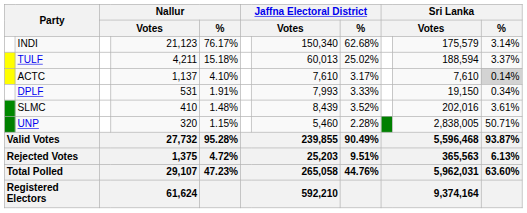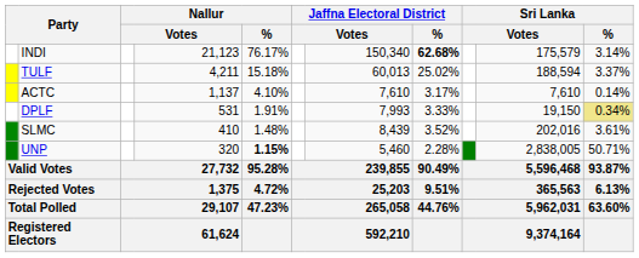 <table class="wikitable">
 <tr>
 <th colspan="2" width="144px"rowspan="2">Party</th>
 <th colspan="3" width="216px">Nallur</th>
 <th colspan="3" width="216px"><a href='#'>Jaffna Electoral District</a></th>
 <th colspan="3" width="216px">Sri Lanka</th>
 </tr>
 <tr>
 <th colspan="2" width="144px">Votes</th>
 <th>%</th>
 <th colspan="2" width="144px">Votes</th>
 <th>%</th>
 <th colspan="2" width="144px">Votes</th>
 <th>%</th>
 </tr>
 <tr>
 <td style="background-color:white;" width="10px"></td>
 <td style="text-align:left;">INDI</td>
 <td style="background-color:white;" width="10px"></td>
 <td style="text-align:right;">21,123</td>
 <td style="text-align:right;">76.17%</td>
 <td style="background-color:white;" width="10px"></td>
 <td style="text-align:right;">150,340</td>
-<td style="text-align:right;">62.68%</td>
+<td style="text-align:right;"><strong>62.68%</strong></td>
 <td style="background-color:white;" width="10px"></td>
 <td style="text-align:right;">175,579</td>
 <td style="text-align:right;">3.14%</td>
 </tr>
 <tr>
 <td style="background-color:yellow;" width="10px"></td>
 <td style="text-align:left;"><a href='#'>TULF</a></td>
 <td style="background-color:white;" width="10px"></td>
 <td style="text-align:right;">4,211</td>
 <td style="text-align:right;">15.18%</td>
 <td style="background-color:white;" width="10px"></td>
 <td style="text-align:right;">60,013</td>
 <td style="text-align:right;">25.02%</td>
 <td style="background-color:white;" width="10px"></td>
 <td style="text-align:right;">188,594</td>
 <td style="text-align:right;">3.37%</td>
 </tr>
 <tr>
 <td style="background-color:yellow;" width="10px"></td>
 <td style="text-align:left;">ACTC</td>
 <td style="background-color:white;" width="10px"></td>
 <td style="text-align:right;">1,137</td>
 <td style="text-align:right;">4.10%</td>
 <td style="background-color:white;" width="10px"></td>
 <td style="text-align:right;">7,610</td>
 <td style="text-align:right;">3.17%</td>
 <td style="background-color:white;" width="10px"></td>
 <td style="text-align:right;">7,610</td>
-<td style="background: lightgrey; text-align:right;">0.14%</td>
+<td style="text-align:right;">0.14%</td>
 </tr>
 <tr>
 <td style="background-color:white;" width="10px"></td>
 <td style="text-align:left;"><a href='#'>DPLF</a></td>
 <td style="background-color:white;" width="10px"></td>
 <td style="text-align:right;">531</td>
 <td style="text-align:right;">1.91%</td>
 <td style="background-color:white;" width="10px"></td>
 <td style="text-align:right;">7,993</td>
 <td style="text-align:right;">3.33%</td>
 <td style="background-color:white;" width="10px"></td>
 <td style="text-align:right;">19,150</td>
-<td style="text-align:right;">0.34%</td>
+<td style="background: khaki; text-align:right;">0.34%</td>
 </tr>
 <tr>
 <td style="background-color:#008800;" width="10px"></td>
 <td style="text-align:left;">SLMC</td>
 <td style="background-color:white;" width="10px"></td>
 <td style="text-align:right;">410</td>
 <td style="text-align:right;">1.48%</td>
 <td style="background-color:white;" width="10px"></td>
 <td style="text-align:right;">8,439</td>
 <td style="text-align:right;">3.52%</td>
 <td style="background-color:white;" width="10px"></td>
 <td style="text-align:right;">202,016</td>
 <td style="text-align:right;">3.61%</td>
 </tr>
 <tr>
 <td style="background-color:green;" width="10px"></td>
 <td style="text-align:left;"><a href='#'>UNP</a></td>
 <td style="background-color:white;" width="10px"></td>
 <td style="text-align:right;">320</td>
-<td style="text-align:right;">1.15%</td>
+<td style="text-align:right;"><strong>1.15%</strong></td>
 <td style="background-color:white;" width="10px"></td>
 <td style="text-align:right;">5,460</td>
 <td style="text-align:right;">2.28%</td>
 <td style="background-color:green;" width="10px"></td>
 <td style="text-align:right;">2,838,005</td>
 <td style="text-align:right;">50.71%</td>
 </tr>
 <tr>
 <th colspan="2" width="144px"style="text-align:left;">Valid Votes</th>
 <th style="text-align:right;"colspan="2" width="144px">27,732</th>
 <th style="text-align:right;">95.28%</th>
 <th style="text-align:right;"colspan="2" width="144px">239,855</th>
 <th style="text-align:right;">90.49%</th>
 <th style="text-align:right;"colspan="2" width="144px">5,596,468</th>
 <th style="text-align:right;">93.87%</th>
 </tr>
 <tr>
 <th colspan="2" width="144px"style="text-align:left;">Rejected Votes</th>
 <th style="text-align:right;"colspan="2" width="144px">1,375</th>
 <th style="text-align:right;">4.72%</th>
 <th style="text-align:right;"colspan="2" width="144px">25,203</th>
 <th style="text-align:right;">9.51%</th>
 <th style="text-align:right;"colspan="2" width="144px">365,563</th>
 <th style="text-align:right;">6.13%</th>
 </tr>
 <tr>
 <th colspan="2" width="144px"style="text-align:left;">Total Polled</th>
 <th style="text-align:right;"colspan="2" width="144px">29,107</th>
 <th style="text-align:right;">47.23%</th>
 <th style="text-align:right;"colspan="2" width="144px">265,058</th>
 <th style="text-align:right;">44.76%</th>
 <th style="text-align:right;"colspan="2" width="144px">5,962,031</th>
 <th style="text-align:right;">63.60%</th>
 </tr>
 <tr>
 <th colspan="2" width="144px"style="text-align:left;">Registered Electors</th>
 <th style="text-align:right;"colspan="2" width="144px">61,624</th>
 <th></th>
 <th style="text-align:right;"colspan="2" width="144px">592,210</th>
 <th></th>
 <th style="text-align:right;"colspan="2" width="144px">9,374,164</th>
 <th></th>
 </tr>
 </table>
